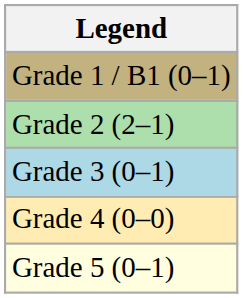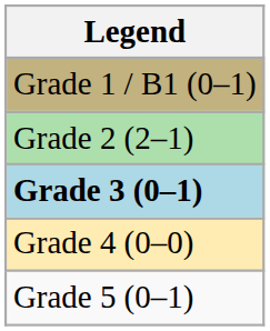 <table class="wikitable" style="font-size:85%;">
 <tr>
 <th>Legend</th>
 </tr>
 <tr bgcolor="C2B280">
 <td>Grade 1 / B1 (0–1)</td>
 </tr>
 <tr bgcolor="ADDFAD">
 <td>Grade 2 (2–1)</td>
 </tr>
 <tr bgcolor="lightblue">
-<td>Grade 3 (0–1)</td>
+<td><strong>Grade 3 (0–1)</strong></td>
 </tr>
 <tr bgcolor="ffecb2">
 <td>Grade 4 (0–0)</td>
 </tr>
 <tr>
-<td style="background: lightyellow;">Grade 5 (0–1)</td>
+<td>Grade 5 (0–1)</td>
 </tr>
 </table>
